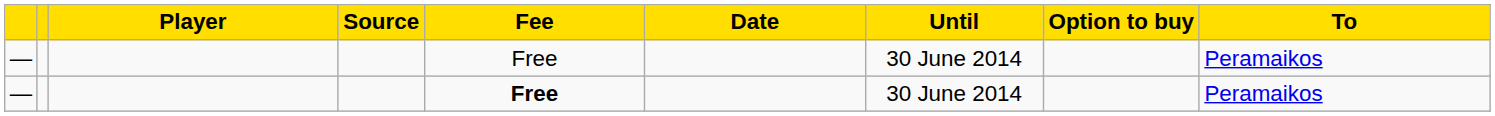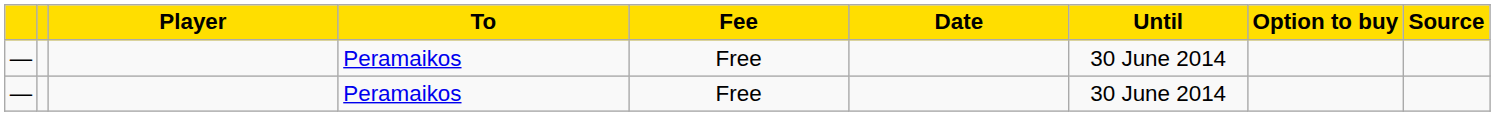 <table class="wikitable sortable">
 <tr>
 <th style="background:#FFDE00"></th>
 <th style="background:#FFDE00"></th>
 <th width=200 style="background:#FFDE00">Player</th>
-<th style="background:#FFDE00">Source</th>
+<th width=200 style="background:#FFDE00">To</th>
 <th width=150 style="background:#FFDE00">Fee</th>
 <th width=150 style="background:#FFDE00">Date</th>
 <th width=120 style="background:#FFDE00">Until</th>
 <th style="background:#FFDE00">Option to buy</th>
-<th width=200 style="background:#FFDE00">To</th>
+<th style="background:#FFDE00">Source</th>
 </tr>
 <tr>
 <td align=center>—</td>
 <td align=center></td>
 <td></td>
-<td align=center></td>
+<td> <a href='#'>Peramaikos</a></td>
 <td align=center>Free</td>
 <td align=center></td>
 <td align=center>30 June 2014</td>
 <td align=center></td>
-<td> <a href='#'>Peramaikos</a></td>
+<td align=center></td>
 </tr>
 <tr>
 <td align=center>—</td>
 <td align=center></td>
 <td></td>
-<td align=center></td>
-<td align=center><strong>Free</strong></td>
+<td> <a href='#'>Peramaikos</a></td>
+<td align=center>Free</td>
 <td align=center></td>
 <td align=center>30 June 2014</td>
 <td align=center></td>
-<td> <a href='#'>Peramaikos</a></td>
+<td align=center></td>
 </tr>
 </table>
